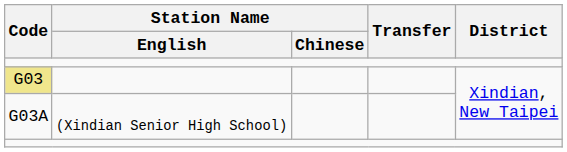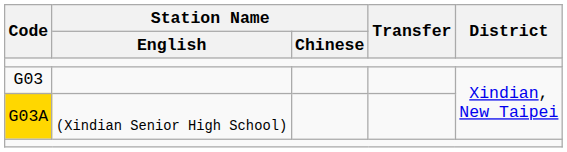 <table class="wikitable">
 <tr>
 <th rowspan="2">Code</th>
 <th colspan="2">Station Name</th>
 <th rowspan="2">Transfer</th>
 <th rowspan="2">District</th>
 </tr>
 <tr style="text-align:center;">
 <th>English</th>
 <th>Chinese</th>
 </tr>
 <tr bgcolor=>
 <td colspan="5"></td>
 </tr>
 <tr style="text-align:center;">
-<td style="background: khaki;"><span>G03</span></td>
+<td><span>G03</span></td>
 <td></td>
 <td></td>
 <td style="text-align:left;"></td>
 <td rowspan="2"><a href='#'>Xindian</a>,<br><a href='#'>New Taipei</a></td>
 </tr>
 <tr style="text-align:center;">
-<td><span>G03A</span></td>
+<td style="background: gold;"><span>G03A</span></td>
 <td><br><small>(Xindian Senior High School)</small></td>
 <td></td>
 <td></td>
 </tr>
 <tr bgcolor=>
 <td colspan="5"></td>
 </tr>
 </table>
